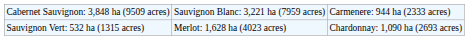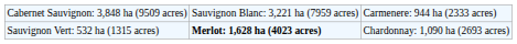 <table class="wikitable" style="background:#F0F8FF; font-size:95%;">
 <tr>
 <td>Cabernet Sauvignon: 3,848 ha (9509 acres)</td>
 <td>Sauvignon Blanc: 3,221 ha (7959 acres)</td>
 <td>Carmenere: 944 ha (2333 acres)</td>
 </tr>
 <tr>
 <td>Sauvignon Vert: 532 ha (1315 acres)</td>
-<td>Merlot: 1,628 ha (4023 acres)</td>
+<td><strong>Merlot: 1,628 ha (4023 acres)</strong></td>
 <td>Chardonnay: 1,090 ha (2693 acres)</td>
 </tr>
 </table>
